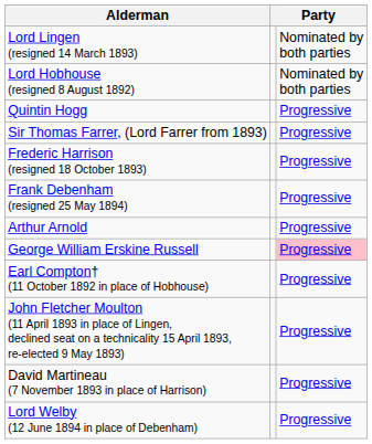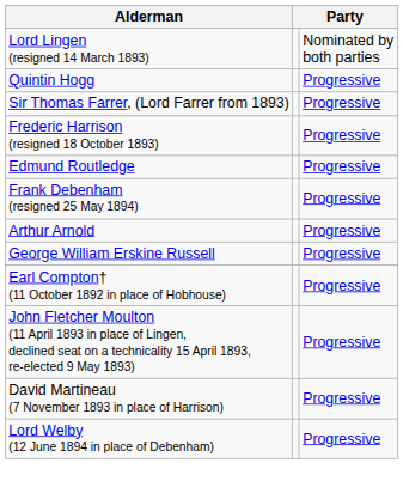 <table class="wikitable">
 <tr>
 <th>Alderman</th>
 <th colspan=2!>Party</th>
 </tr>
 <tr>
 <td><a href='#'>Lord Lingen</a><small><br> (resigned 14 March 1893)</small></td>
-<td></td>
-<td>Nominated by <br>both parties</td>
-</tr>
-<tr>
-<td><a href='#'>Lord Hobhouse</a><small><br> (resigned 8 August 1892)</small></td>
 <td></td>
 <td>Nominated by <br>both parties</td>
 </tr>
 <tr>
 <td><a href='#'>Quintin Hogg</a></td>
 <td style="background-color: "></td>
 <td><a href='#'>Progressive</a></td>
 </tr>
 <tr>
 <td><a href='#'>Sir Thomas Farrer</a>, (Lord Farrer from 1893)</td>
 <td style="background-color: "></td>
 <td><a href='#'>Progressive</a></td>
 </tr>
 <tr>
 <td><a href='#'>Frederic Harrison</a><small><br> (resigned 18 October 1893)</small></td>
 <td style="background-color: "></td>
 <td><a href='#'>Progressive</a></td>
 </tr>
 <tr>
+<td><a href='#'>Edmund Routledge</a></td>
+<td style="background-color: "></td>
+<td><a href='#'>Progressive</a></td>
+</tr>
+<tr>
 <td><a href='#'>Frank Debenham</a><small><br>(resigned 25 May 1894)</small></td>
 <td style="background-color: "></td>
 <td><a href='#'>Progressive</a></td>
 </tr>
 <tr>
 <td><a href='#'>Arthur Arnold</a></td>
 <td style="background-color: "></td>
 <td><a href='#'>Progressive</a></td>
 </tr>
 <tr>
 <td><a href='#'>George William Erskine Russell</a></td>
 <td style="background-color: "></td>
-<td style="background: pink;"><a href='#'>Progressive</a></td>
+<td><a href='#'>Progressive</a></td>
 </tr>
 <tr>
 <td><a href='#'>Earl Compton</a>†<small><br>(11 October 1892 in place of Hobhouse)</small></td>
 <td style="background-color: "></td>
 <td><a href='#'>Progressive</a></td>
 </tr>
 <tr>
 <td><a href='#'>John Fletcher Moulton</a><small><br>(11 April 1893 in place of Lingen, <br>declined seat on a technicality 15 April 1893, <br>re-elected 9 May 1893)</small></td>
 <td style="background-color: "></td>
 <td><a href='#'>Progressive</a></td>
 </tr>
 <tr>
 <td>David Martineau<small><br>(7 November 1893 in place of Harrison)</small></td>
 <td style="background-color: "></td>
 <td><a href='#'>Progressive</a></td>
 </tr>
 <tr>
 <td><a href='#'>Lord Welby</a><small><br>(12 June 1894 in place of Debenham)</small></td>
 <td style="background-color: "></td>
 <td><a href='#'>Progressive</a></td>
 </tr>
 </table>
